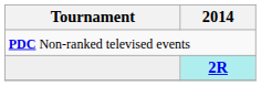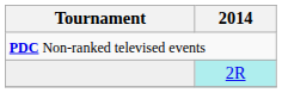 <table class="wikitable" style="width:20%; margin:0">
 <tr>
 <th>Tournament</th>
 <th>2014</th>
 </tr>
 <tr>
 <td colspan="2" style="text-align:left"><small><strong><a href='#'>PDC</a> </strong>Non-ranked televised events</small></td>
 </tr>
 <tr>
 <td style="background:#efefef;"></td>
-<td style="text-align:center; background:#afeeee;"><strong><a href='#'>2R</a></strong></td>
+<td style="text-align:center; background:#afeeee;"><a href='#'>2R</a></td>
 </tr>
 <tr>
 </tr>
 </table>
